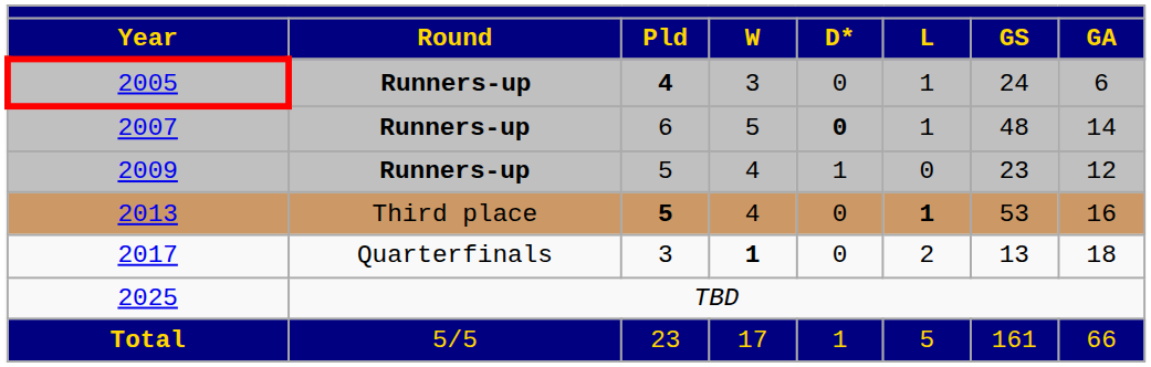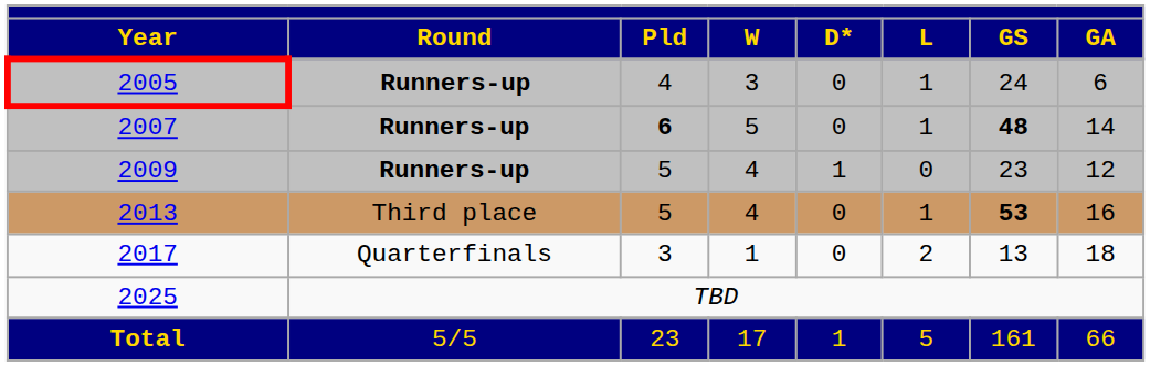 <table class="wikitable" style="text-align: center;font-size:90%;">
 <tr>
 <th style="background:#000080;" colspan=8></th>
 </tr>
 <tr style="color:gold;">
 <th style="background:#000080;" width=125>Year</th>
 <th style="background:#000080;" width=150>Round</th>
 <th style="background:#000080;" width=35>Pld</th>
 <th style="background:#000080;" width=35>W</th>
 <th style="background:#000080;" width=35>D*</th>
 <th style="background:#000080;" width=35>L</th>
 <th style="background:#000080;" width=35>GS</th>
 <th style="background:#000080;" width=35>GA</th>
 </tr>
 <tr>
 </tr>
 <tr bgcolor=silver>
 <td style="border: 3px solid red"> <a href='#'>2005</a></td>
 <td><strong>Runners-up</strong></td>
-<td><strong>4</strong></td>
+<td>4</td>
 <td>3</td>
 <td>0</td>
 <td>1</td>
 <td>24</td>
 <td>6</td>
 </tr>
 <tr bgcolor=silver>
 <td> <a href='#'>2007</a></td>
 <td><strong>Runners-up</strong></td>
-<td>6</td>
+<td><strong>6</strong></td>
 <td>5</td>
-<td><strong>0</strong></td>
+<td>0</td>
 <td>1</td>
-<td>48</td>
+<td><strong>48</strong></td>
 <td>14</td>
 </tr>
 <tr bgcolor=silver>
 <td> <a href='#'>2009</a></td>
 <td><strong>Runners-up</strong></td>
 <td>5</td>
 <td>4</td>
 <td>1</td>
 <td>0</td>
 <td>23</td>
 <td>12</td>
 </tr>
 <tr bgcolor="#cc9966">
 <td> <a href='#'>2013</a></td>
 <td>Third place</td>
-<td><strong>5</strong></td>
+<td>5</td>
 <td>4</td>
 <td>0</td>
-<td><strong>1</strong></td>
-<td>53</td>
+<td>1</td>
+<td><strong>53</strong></td>
 <td>16</td>
 </tr>
 <tr bgcolor=>
 <td> <a href='#'>2017</a></td>
 <td>Quarterfinals</td>
 <td>3</td>
-<td><strong>1</strong></td>
+<td>1</td>
 <td>0</td>
 <td>2</td>
 <td>13</td>
 <td>18</td>
 </tr>
 <tr bgcolor=>
 <td> <a href='#'>2025</a></td>
 <td colspan=7><em>TBD</em></td>
 </tr>
 <tr bgcolor="#000080" style="color:gold;">
 <td><strong>Total</strong></td>
 <td>5/5</td>
 <td>23</td>
 <td>17</td>
 <td>1</td>
 <td>5</td>
 <td>161</td>
 <td>66</td>
 </tr>
 </table>
